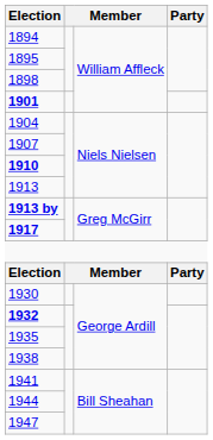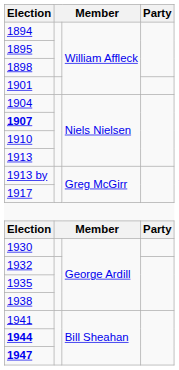 <table class="wikitable" style='border-style: none none none none;'>
 <tr>
 <th>Election</th>
 <th colspan="2">Member</th>
 <th>Party</th>
 </tr>
 <tr style="background: #f9f9f9">
 <td><a href='#'>1894</a></td>
 <td rowspan="3" > </td>
 <td rowspan="4"><a href='#'>William Affleck</a></td>
 <td rowspan="3"></td>
 </tr>
 <tr style="background: #f9f9f9">
 <td><a href='#'>1895</a></td>
 </tr>
 <tr style="background: #f9f9f9">
 <td><a href='#'>1898</a></td>
 </tr>
 <tr style="background: #f9f9f9">
-<td><strong><a href='#'>1901</a></strong></td>
+<td><a href='#'>1901</a></td>
 <td> </td>
 <td></td>
 </tr>
 <tr style="background: #f9f9f9">
 <td><a href='#'>1904</a></td>
 <td rowspan="4" > </td>
 <td rowspan="4"><a href='#'>Niels Nielsen</a></td>
 <td rowspan="4"></td>
 </tr>
 <tr style="background: #f9f9f9">
-<td><a href='#'>1907</a></td>
+<td><strong><a href='#'>1907</a></strong></td>
 </tr>
 <tr style="background: #f9f9f9">
-<td><strong><a href='#'>1910</a></strong></td>
+<td><a href='#'>1910</a></td>
 </tr>
 <tr style="background: #f9f9f9">
 <td><a href='#'>1913</a></td>
 </tr>
 <tr style="background: #f9f9f9">
-<td><strong><a href='#'>1913 by</a></strong></td>
+<td><a href='#'>1913 by</a></td>
 <td rowspan="2" > </td>
 <td rowspan="2"><a href='#'>Greg McGirr</a></td>
 <td rowspan="2"></td>
 </tr>
 <tr style="background: #f9f9f9">
-<td><strong><a href='#'>1917</a></strong></td>
+<td><a href='#'>1917</a></td>
 </tr>
 <tr>
 <td colspan="4" style='border-style: none none none none;'> </td>
 </tr>
 <tr>
 <th>Election</th>
 <th colspan="2">Member</th>
 <th>Party</th>
 </tr>
 <tr style="background: #f9f9f9">
 <td><a href='#'>1930</a></td>
 <td> </td>
 <td rowspan="4"><a href='#'>George Ardill</a></td>
 <td></td>
 </tr>
 <tr style="background: #f9f9f9">
-<td><strong><a href='#'>1932</a></strong></td>
+<td><a href='#'>1932</a></td>
 <td rowspan="3" > </td>
 <td rowspan="3"></td>
 </tr>
 <tr style="background: #f9f9f9">
 <td><a href='#'>1935</a></td>
 </tr>
 <tr style="background: #f9f9f9">
 <td><a href='#'>1938</a></td>
 </tr>
 <tr style="background: #f9f9f9">
 <td><a href='#'>1941</a></td>
 <td rowspan="3" > </td>
 <td rowspan="3"><a href='#'>Bill Sheahan</a></td>
 <td rowspan="3"></td>
 </tr>
 <tr style="background: #f9f9f9">
-<td><a href='#'>1944</a></td>
+<td><strong><a href='#'>1944</a></strong></td>
 </tr>
 <tr style="background: #f9f9f9">
-<td><a href='#'>1947</a></td>
+<td><strong><a href='#'>1947</a></strong></td>
 </tr>
 </table>
